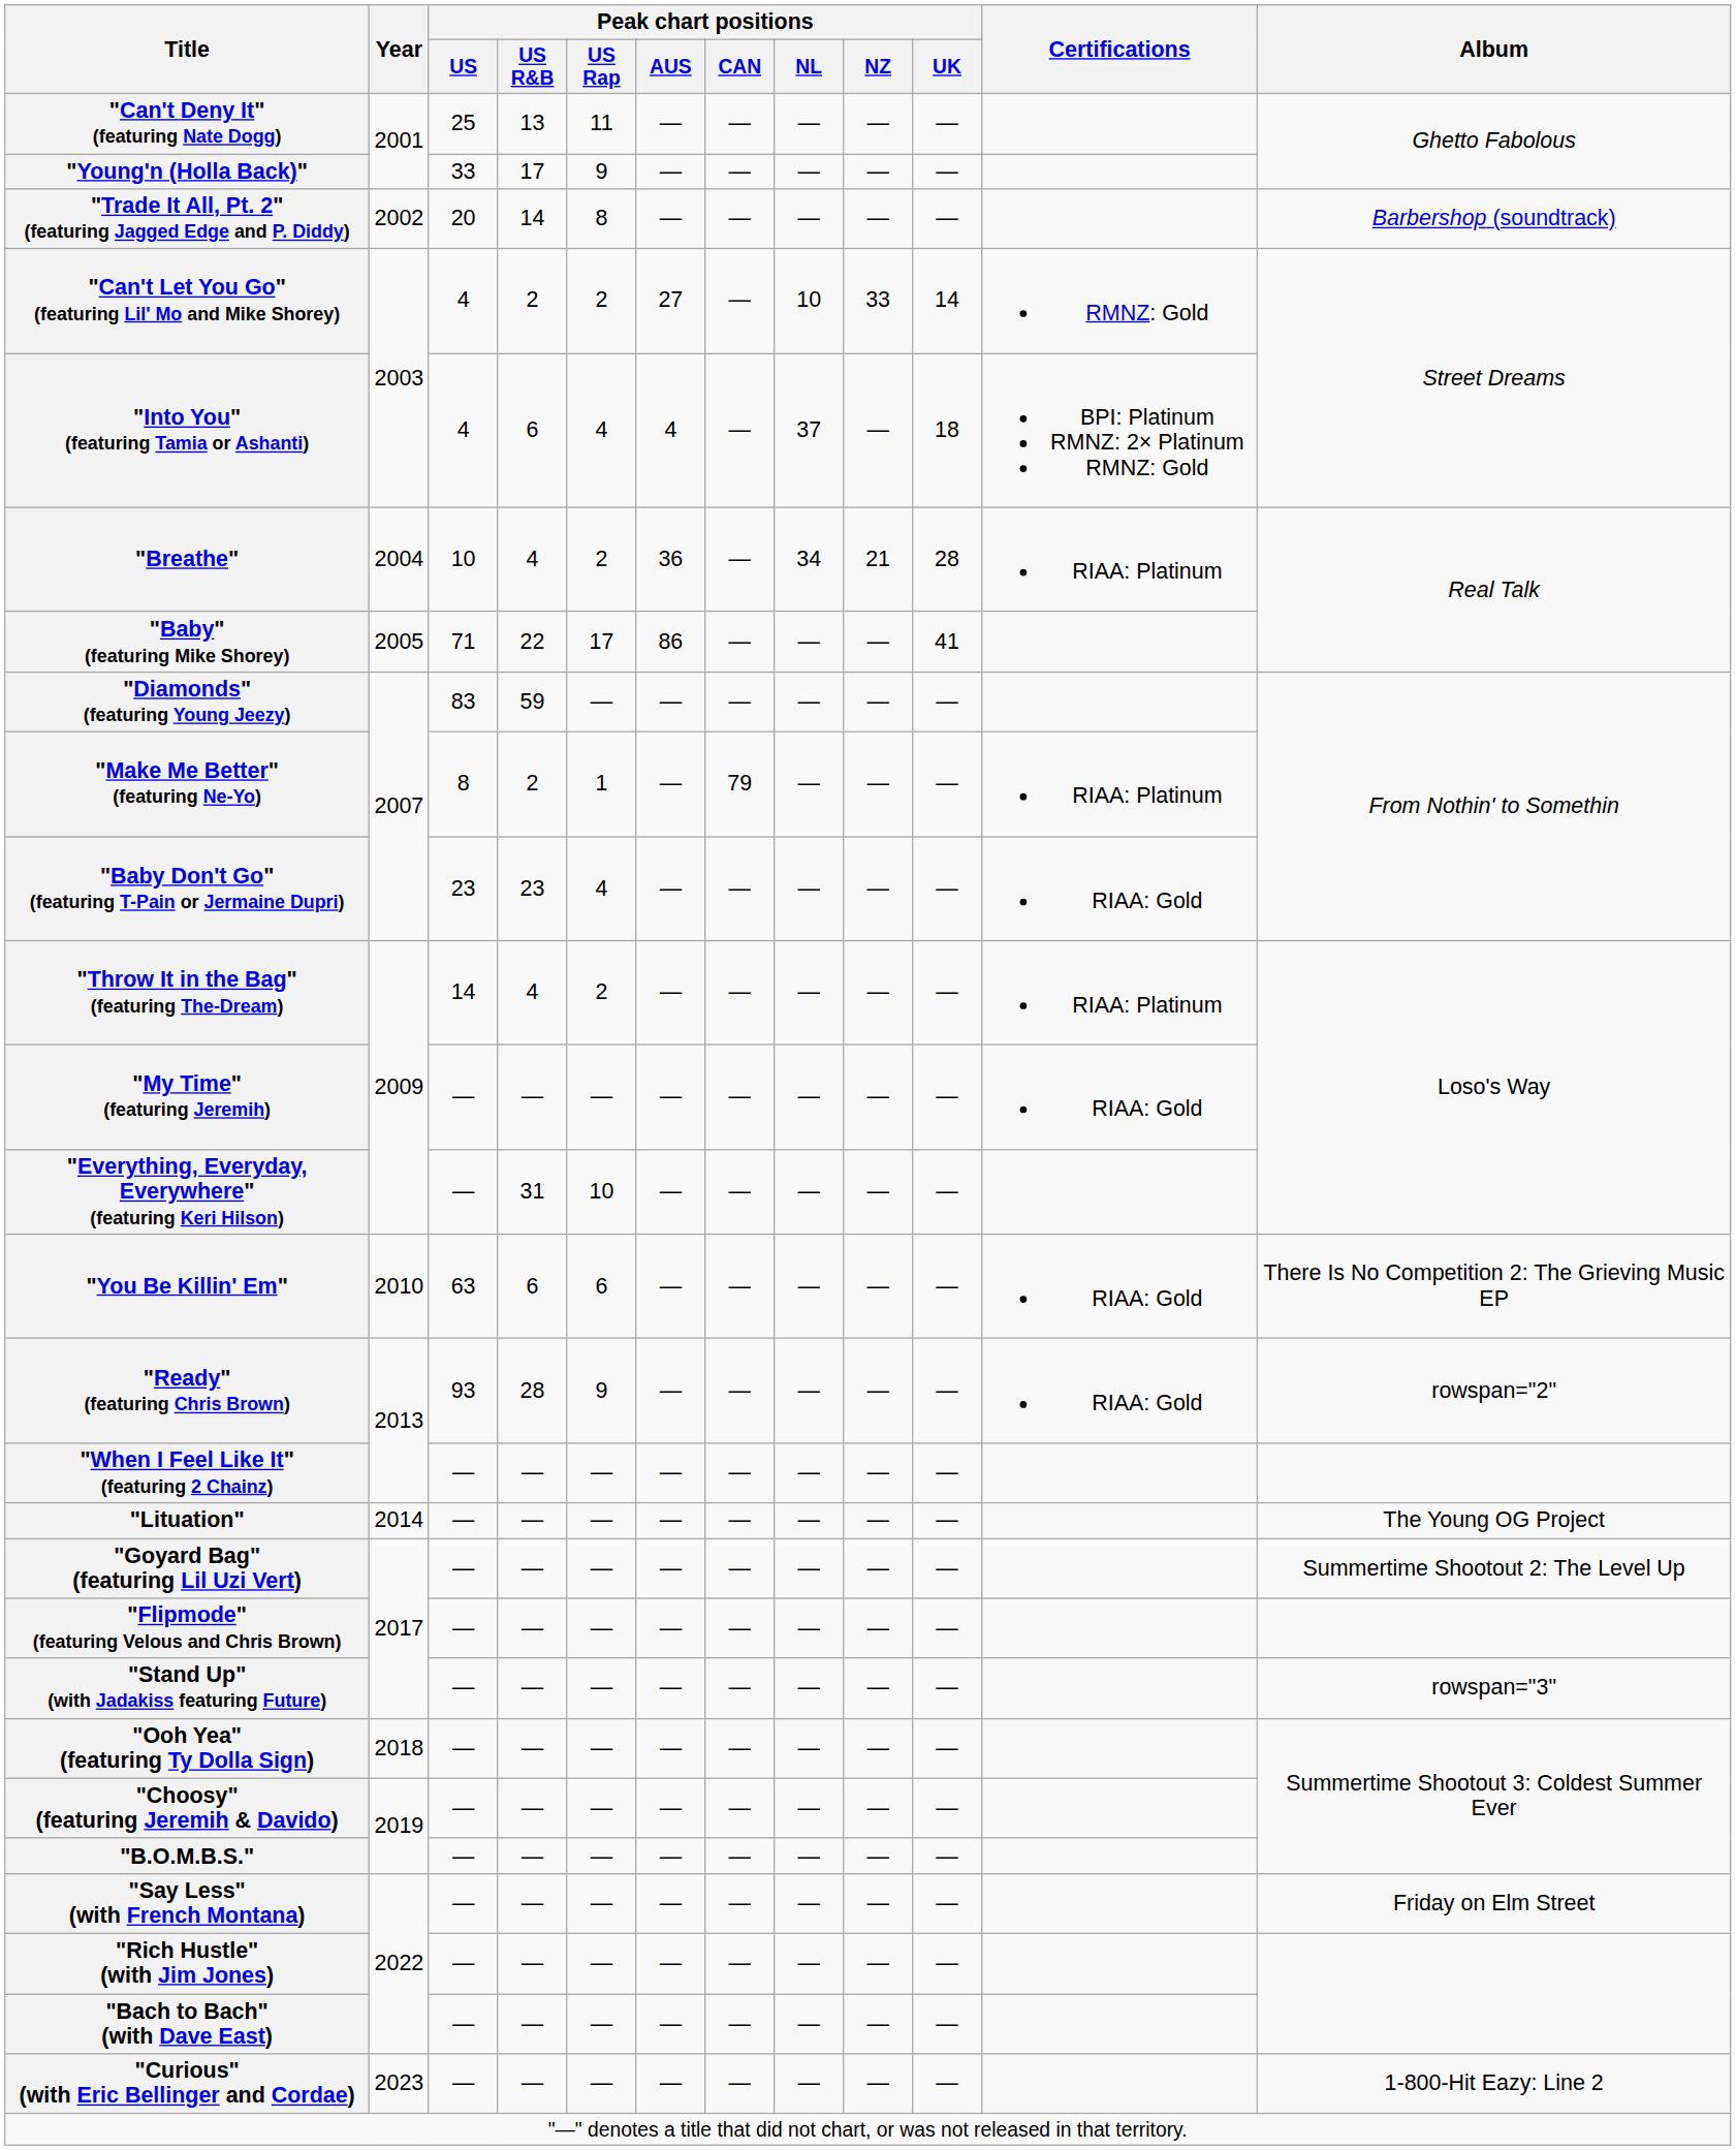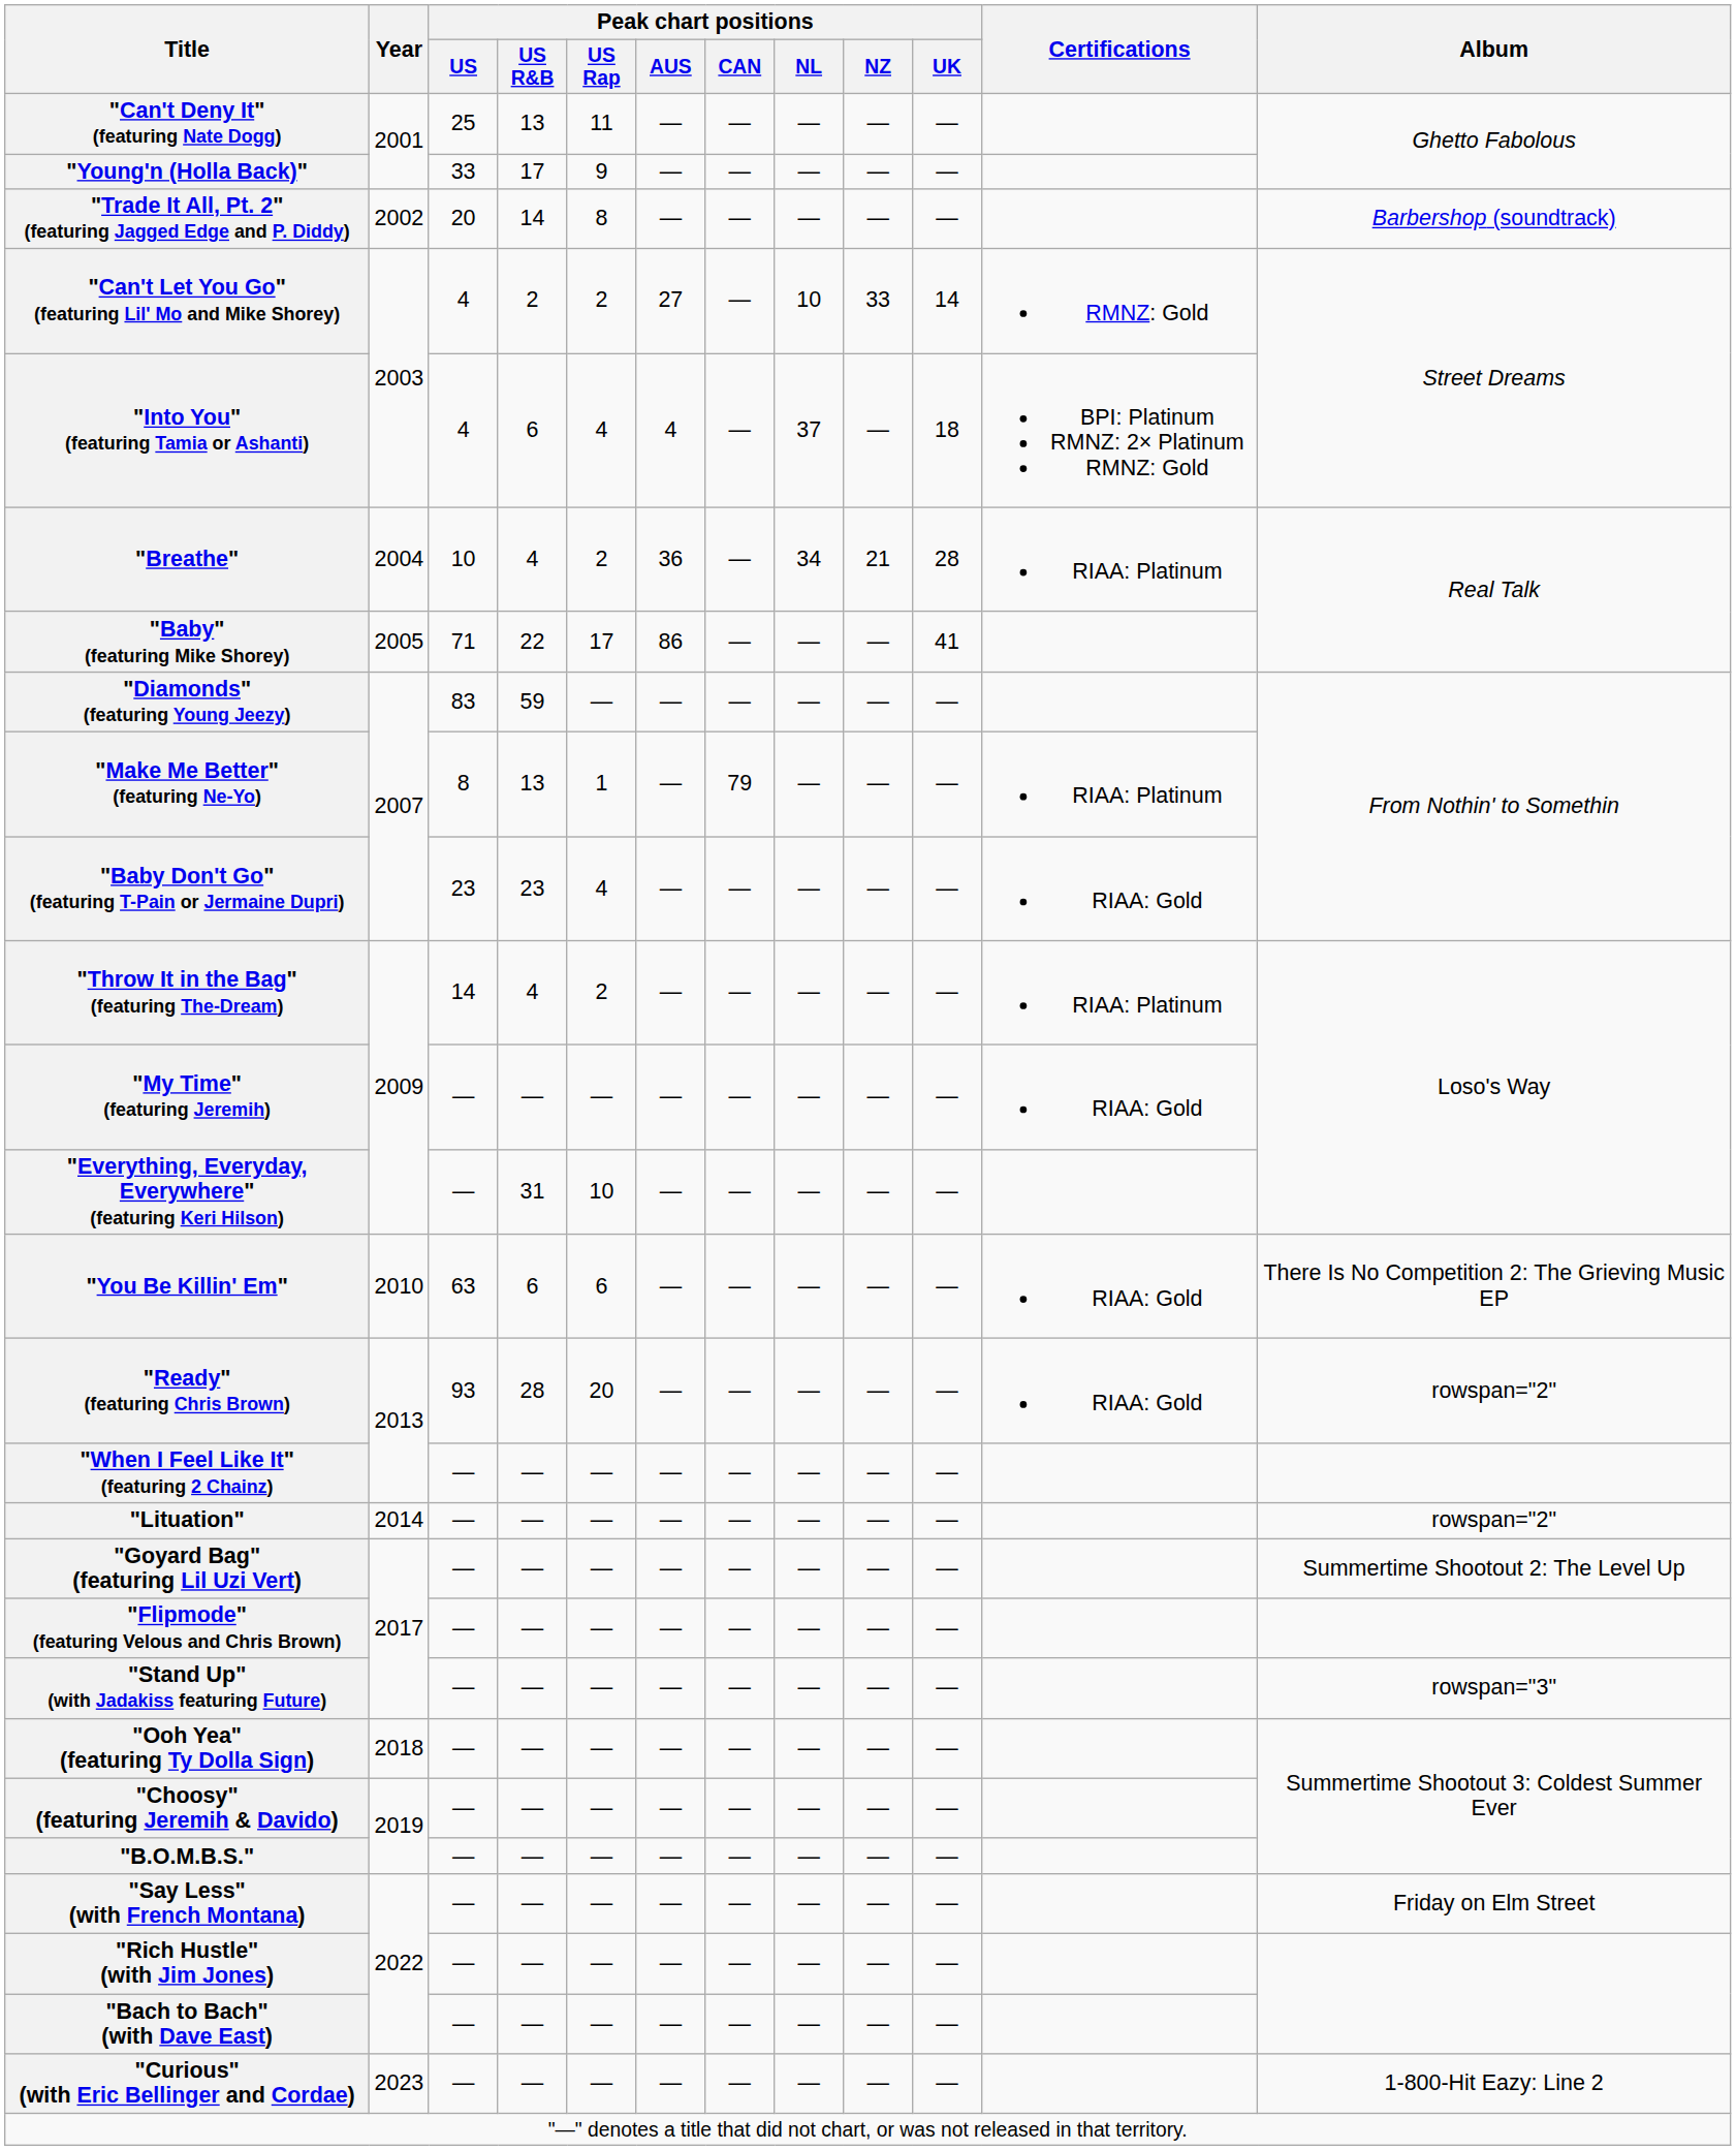 <table class="wikitable plainrowheaders" style="text-align:center;">
 <tr>
 <th scope="col" rowspan="2" style="width:16em;">Title</th>
 <th scope="col" rowspan="2">Year</th>
 <th scope="col" colspan="8">Peak chart positions</th>
 <th scope="col" rowspan="2" style="width:12em;"><a href='#'>Certifications</a></th>
 <th scope="col" rowspan="2">Album</th>
 </tr>
 <tr>
 <th scope="col" style="width:3em;font-size:90%;"><a href='#'>US</a><br></th>
 <th scope="col" style="width:3em;font-size:90%;"><a href='#'>US<br>R&B</a><br></th>
 <th scope="col" style="width:3em;font-size:90%;"><a href='#'>US<br>Rap</a><br></th>
 <th scope="col" style="width:3em;font-size:90%;"><a href='#'>AUS</a><br></th>
 <th scope="col" style="width:3em;font-size:90%;"><a href='#'>CAN</a><br></th>
 <th scope="col" style="width:3em;font-size:90%;"><a href='#'>NL</a><br></th>
 <th scope="col" style="width:3em;font-size:90%;"><a href='#'>NZ</a><br></th>
 <th scope="col" style="width:3em;font-size:90%;"><a href='#'>UK</a><br></th>
 </tr>
 <tr>
 <th scope="row">"<a href='#'>Can't Deny It</a>"<br><small>(featuring <a href='#'>Nate Dogg</a>)</small></th>
 <td rowspan="2">2001</td>
 <td>25</td>
 <td>13</td>
 <td>11</td>
 <td>—</td>
 <td>—</td>
 <td>—</td>
 <td>—</td>
 <td>—</td>
 <td></td>
 <td rowspan="2"><em>Ghetto Fabolous</em></td>
 </tr>
 <tr>
 <th scope="row">"<a href='#'>Young'n (Holla Back)</a>"</th>
 <td>33</td>
 <td>17</td>
 <td>9</td>
 <td>—</td>
 <td>—</td>
 <td>—</td>
 <td>—</td>
 <td>—</td>
 <td></td>
 </tr>
 <tr>
 <th scope="row">"<a href='#'>Trade It All, Pt. 2</a>"<br><small>(featuring <a href='#'>Jagged Edge</a> and <a href='#'>P. Diddy</a>)</small></th>
 <td>2002</td>
 <td>20</td>
 <td>14</td>
 <td>8</td>
 <td>—</td>
 <td>—</td>
 <td>—</td>
 <td>—</td>
 <td>—</td>
 <td></td>
 <td><a href='#'><em>Barbershop</em> (soundtrack)</a></td>
 </tr>
 <tr>
 <th scope="row">"<a href='#'>Can't Let You Go</a>"<br><small>(featuring <a href='#'>Lil' Mo</a> and Mike Shorey)</small></th>
 <td rowspan="2">2003</td>
 <td>4</td>
 <td>2</td>
 <td>2</td>
 <td>27</td>
 <td>—</td>
 <td>10</td>
 <td>33</td>
 <td>14</td>
 <td><br><ul><li><a href='#'>RMNZ</a>: Gold</li></ul></td>
 <td rowspan="2"><em>Street Dreams</em></td>
 </tr>
 <tr>
 <th scope="row">"<a href='#'>Into You</a>"<br><small>(featuring <a href='#'>Tamia</a> or <a href='#'>Ashanti</a>)</small></th>
 <td>4</td>
 <td>6</td>
 <td>4</td>
 <td>4</td>
 <td>—</td>
 <td>37</td>
 <td>—</td>
 <td>18</td>
 <td><br><ul><li>BPI: Platinum</li><li>RMNZ: 2× Platinum </li><li>RMNZ: Gold </li></ul></td>
 </tr>
 <tr>
 <th scope="row">"<a href='#'>Breathe</a>"</th>
 <td>2004</td>
 <td>10</td>
 <td>4</td>
 <td>2</td>
 <td>36</td>
 <td>—</td>
 <td>34</td>
 <td>21</td>
 <td>28</td>
 <td><br><ul><li>RIAA: Platinum</li></ul></td>
 <td rowspan="2"><em>Real Talk</em></td>
 </tr>
 <tr>
 <th scope="row">"<a href='#'>Baby</a>"<br><small>(featuring Mike Shorey)</small></th>
 <td>2005</td>
 <td>71</td>
 <td>22</td>
 <td>17</td>
 <td>86</td>
 <td>—</td>
 <td>—</td>
 <td>—</td>
 <td>41</td>
 <td></td>
 </tr>
 <tr>
 <th scope="row">"<a href='#'>Diamonds</a>"<br><small>(featuring <a href='#'>Young Jeezy</a>)</small></th>
 <td rowspan="3">2007</td>
 <td>83</td>
 <td>59</td>
 <td>—</td>
 <td>—</td>
 <td>—</td>
 <td>—</td>
 <td>—</td>
 <td>—</td>
 <td></td>
 <td rowspan="3"><em>From Nothin' to Somethin<strong></td>
 </tr>
 <tr>
 <th scope="row">"<a href='#'>Make Me Better</a>"<br><small>(featuring <a href='#'>Ne-Yo</a>)</small></th>
 <td>8</td>
-<td>2</td>
+<td>13</td>
 <td>1</td>
 <td>—</td>
 <td>79</td>
 <td>—</td>
 <td>—</td>
 <td>—</td>
 <td><br><ul><li>RIAA: Platinum</li></ul></td>
 </tr>
 <tr>
 <th scope="row">"<a href='#'>Baby Don't Go</a>"<br><small>(featuring <a href='#'>T-Pain</a> or <a href='#'>Jermaine Dupri</a>)</small></th>
 <td>23</td>
 <td>23</td>
 <td>4</td>
 <td>—</td>
 <td>—</td>
 <td>—</td>
 <td>—</td>
 <td>—</td>
 <td><br><ul><li>RIAA: Gold</li></ul></td>
 </tr>
 <tr>
 <th scope="row">"<a href='#'>Throw It in the Bag</a>"<br><small>(featuring <a href='#'>The-Dream</a>)</small></th>
 <td rowspan="3">2009</td>
 <td>14</td>
 <td>4</td>
 <td>2</td>
 <td>—</td>
 <td>—</td>
 <td>—</td>
 <td>—</td>
 <td>—</td>
 <td><br><ul><li>RIAA: Platinum</li></ul></td>
 <td rowspan="3"></em>Loso's Way<em></td>
 </tr>
 <tr>
 <th scope="row">"<a href='#'>My Time</a>"<br><small>(featuring <a href='#'>Jeremih</a>)</small></th>
 <td>—</td>
 <td>—</td>
 <td>—</td>
 <td>—</td>
 <td>—</td>
 <td>—</td>
 <td>—</td>
 <td>—</td>
 <td><br><ul><li>RIAA: Gold</li></ul></td>
 </tr>
 <tr>
 <th scope="row">"<a href='#'>Everything, Everyday, Everywhere</a>"<br><small>(featuring <a href='#'>Keri Hilson</a>)</small></th>
 <td>—</td>
 <td>31</td>
 <td>10</td>
 <td>—</td>
 <td>—</td>
 <td>—</td>
 <td>—</td>
 <td>—</td>
 <td></td>
 </tr>
 <tr>
 <th scope="row">"<a href='#'>You Be Killin' Em</a>"</th>
 <td>2010</td>
 <td>63</td>
 <td>6</td>
 <td>6</td>
 <td>—</td>
 <td>—</td>
 <td>—</td>
 <td>—</td>
 <td>—</td>
 <td><br><ul><li>RIAA: Gold</li></ul></td>
 <td></em>There Is No Competition 2: The Grieving Music EP<em></td>
 </tr>
 <tr>
 <th scope="row">"<a href='#'>Ready</a>"<br><small>(featuring <a href='#'>Chris Brown</a>)</small></th>
 <td rowspan="2">2013</td>
 <td>93</td>
 <td>28</td>
-<td>9</td>
+<td>20</td>
 <td>—</td>
 <td>—</td>
 <td>—</td>
 <td>—</td>
 <td>—</td>
 <td><br><ul><li>RIAA: Gold</li></ul></td>
 <td>rowspan="2" </td>
 </tr>
 <tr>
 <th scope="row">"<a href='#'>When I Feel Like It</a>"<br><small>(featuring <a href='#'>2 Chainz</a>)</small></th>
 <td>—</td>
 <td>—</td>
 <td>—</td>
 <td>—</td>
 <td>—</td>
 <td>—</td>
 <td>—</td>
 <td>—</td>
 <td></td>
 </tr>
 <tr>
 <th scope="row">"Lituation"</th>
 <td>2014</td>
 <td>—</td>
 <td>—</td>
 <td>—</td>
 <td>—</td>
 <td>—</td>
 <td>—</td>
 <td>—</td>
 <td>—</td>
 <td></td>
-<td></em>The Young OG Project<em></td>
+<td>rowspan="2" </td>
 </tr>
 <tr>
 <th scope="row">"Goyard Bag"<br><span>(featuring <a href='#'>Lil Uzi Vert</a>)</span></th>
 <td rowspan="3">2017</td>
 <td>—</td>
 <td>—</td>
 <td>—</td>
 <td>—</td>
 <td>—</td>
 <td>—</td>
 <td>—</td>
 <td>—</td>
 <td></td>
 <td></em>Summertime Shootout 2: The Level Up<em></td>
 </tr>
 <tr>
 <th scope="row">"<a href='#'>Flipmode</a>"<br><small>(featuring Velous and Chris Brown)</small></th>
 <td>—</td>
 <td>—</td>
 <td>—</td>
 <td>—</td>
 <td>—</td>
 <td>—</td>
 <td>—</td>
 <td>—</td>
 <td></td>
 <td></td>
 </tr>
 <tr>
 <th scope="row">"Stand Up"<br><small>(with <a href='#'>Jadakiss</a> featuring <a href='#'>Future</a>)</small></th>
 <td>—</td>
 <td>—</td>
 <td>—</td>
 <td>—</td>
 <td>—</td>
 <td>—</td>
 <td>—</td>
 <td>—</td>
 <td></td>
 <td>rowspan="3" </td>
 </tr>
 <tr>
 <th scope="row">"Ooh Yea"<br><span>(featuring <a href='#'>Ty Dolla Sign</a>)</span></th>
 <td rowspan="1">2018</td>
 <td>—</td>
 <td>—</td>
 <td>—</td>
 <td>—</td>
 <td>—</td>
 <td>—</td>
 <td>—</td>
 <td>—</td>
 <td></td>
 <td rowspan="3"></em>Summertime Shootout 3: Coldest Summer Ever<em></td>
 </tr>
 <tr>
 <th scope="row">"Choosy"<br><span>(featuring <a href='#'>Jeremih</a> & <a href='#'>Davido</a>)</span></th>
 <td rowspan="2">2019</td>
 <td>—</td>
 <td>—</td>
 <td>—</td>
 <td>—</td>
 <td>—</td>
 <td>—</td>
 <td>—</td>
 <td>—</td>
 <td></td>
 </tr>
 <tr>
 <th scope="row">"B.O.M.B.S."</th>
 <td>—</td>
 <td>—</td>
 <td>—</td>
 <td>—</td>
 <td>—</td>
 <td>—</td>
 <td>—</td>
 <td>—</td>
 <td></td>
 </tr>
 <tr>
 <th scope="row">"Say Less"<br><span>(with <a href='#'>French Montana</a>)</span></th>
 <td rowspan="3">2022</td>
 <td>—</td>
 <td>—</td>
 <td>—</td>
 <td>—</td>
 <td>—</td>
 <td>—</td>
 <td>—</td>
 <td>—</td>
 <td></td>
 <td></em>Friday on Elm Street<em></td>
 </tr>
 <tr>
 <th scope="row">"Rich Hustle"<br><span>(with <a href='#'>Jim Jones</a>)</span></th>
 <td>—</td>
 <td>—</td>
 <td>—</td>
 <td>—</td>
 <td>—</td>
 <td>—</td>
 <td>—</td>
 <td>—</td>
 <td></td>
 </tr>
 <tr>
 <th scope="row">"Bach to Bach"<br><span>(with <a href='#'>Dave East</a>)</span></th>
 <td>—</td>
 <td>—</td>
 <td>—</td>
 <td>—</td>
 <td>—</td>
 <td>—</td>
 <td>—</td>
 <td>—</td>
 <td></td>
 </tr>
 <tr>
 <th scope="row">"Curious"<br><span>(with <a href='#'>Eric Bellinger</a> and <a href='#'>Cordae</a>)</span></th>
 <td rowspan="1">2023</td>
 <td>—</td>
 <td>—</td>
 <td>—</td>
 <td>—</td>
 <td>—</td>
 <td>—</td>
 <td>—</td>
 <td>—</td>
 <td></td>
 <td></em>1-800-Hit Eazy: Line 2<em></td>
 </tr>
 <tr>
 <td colspan="12" style="font-size:90%">"—" denotes a title that did not chart, or was not released in that territory.</td>
 </tr>
 </table>
